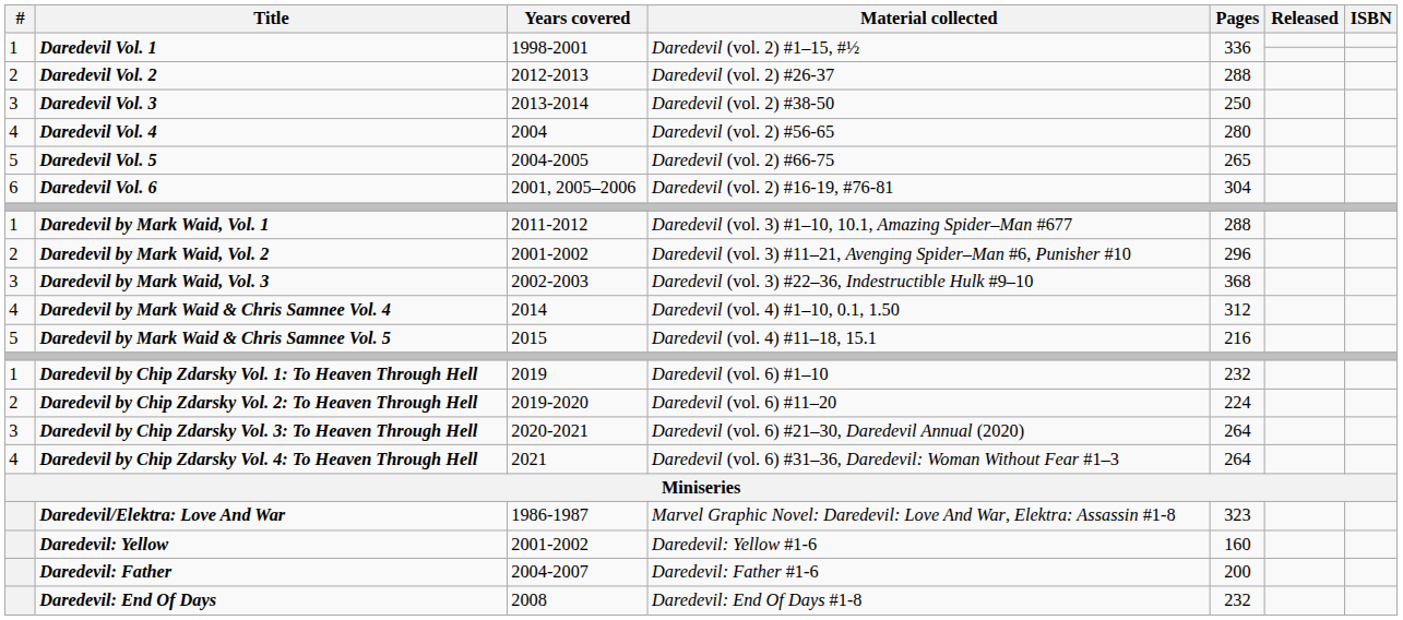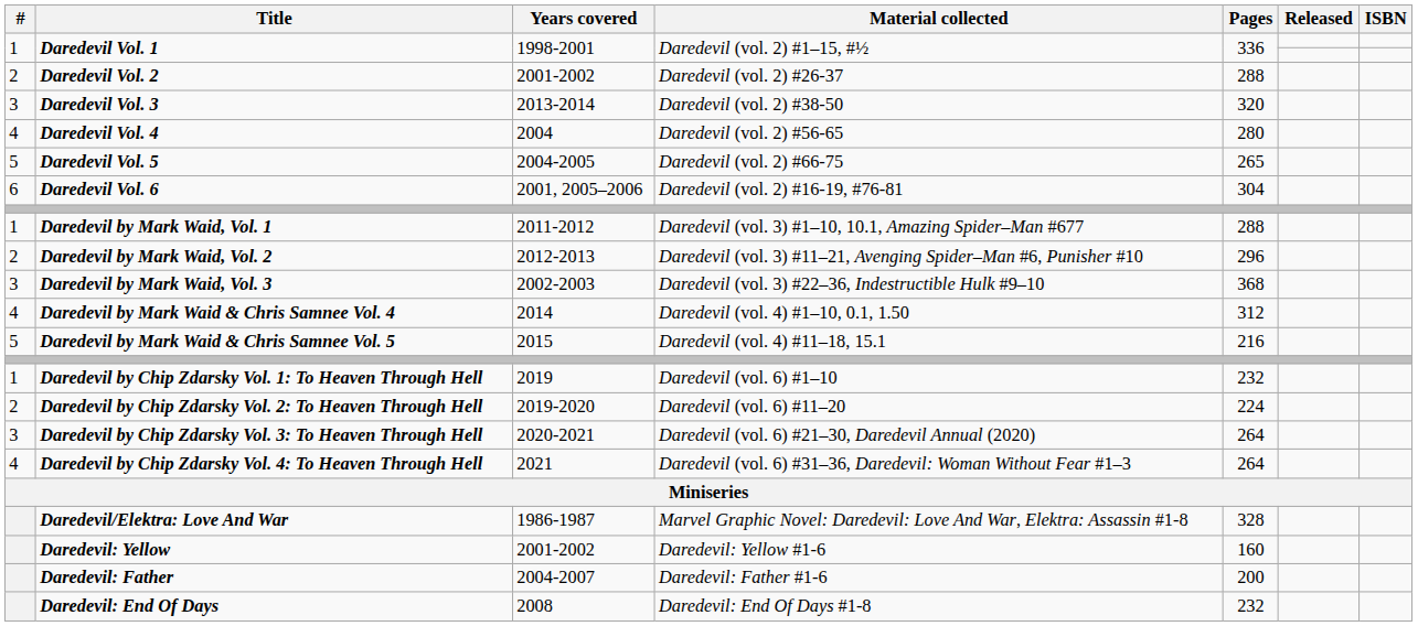 <table class="wikitable sortable" width=99%>
 <tr>
 <th class="unsortable" width=20px>#</th>
 <th>Title</th>
 <th>Years covered</th>
 <th class="unsortable">Material collected</th>
 <th>Pages</th>
 <th>Released</th>
 <th class="unsortable">ISBN</th>
 </tr>
 <tr>
 <td rowspan="2">1</td>
 <td rowspan="2"><strong><em>Daredevil Vol. 1</em></strong></td>
 <td rowspan="2">1998-2001</td>
 <td rowspan="2"><em>Daredevil</em> (vol. 2) #1–15, #½</td>
 <td style="text-align: center;" rowspan=2>336</td>
 <td></td>
 <td></td>
 </tr>
 <tr>
 <td></td>
 <td></td>
 </tr>
 <tr>
 <td>2</td>
 <td><strong><em>Daredevil Vol. 2</em></strong></td>
-<td>2012-2013</td>
+<td>2001-2002</td>
 <td><em>Daredevil</em> (vol. 2) #26-37</td>
 <td style="text-align: center;">288</td>
 <td></td>
 <td></td>
 </tr>
 <tr>
 <td>3</td>
 <td><strong><em>Daredevil Vol. 3</em></strong></td>
 <td>2013-2014</td>
 <td><em>Daredevil</em> (vol. 2) #38-50</td>
-<td style="text-align: center;">250</td>
+<td style="text-align: center;">320</td>
 <td></td>
 <td></td>
 </tr>
 <tr>
 <td>4</td>
 <td><strong><em>Daredevil Vol. 4</em></strong></td>
 <td>2004</td>
 <td><em>Daredevil</em> (vol. 2) #56-65</td>
 <td style="text-align: center;">280</td>
 <td></td>
 <td></td>
 </tr>
 <tr>
 <td>5</td>
 <td><strong><em>Daredevil Vol. 5</em></strong></td>
 <td>2004-2005</td>
 <td><em>Daredevil</em> (vol. 2) #66-75</td>
 <td style="text-align: center;">265</td>
 <td></td>
 <td></td>
 </tr>
 <tr>
 <td>6</td>
 <td><strong><em>Daredevil Vol. 6</em></strong></td>
 <td>2001, 2005–2006</td>
 <td><em>Daredevil</em> (vol. 2) #16-19, #76-81</td>
 <td style="text-align: center;">304</td>
 <td></td>
 <td></td>
 </tr>
 <tr>
 <th colspan=7 style="background-color: silver;"></th>
 </tr>
 <tr>
 <td>1</td>
 <td><strong><em>Daredevil by Mark Waid, Vol. 1</em></strong></td>
 <td>2011-2012</td>
 <td><em>Daredevil</em> (vol. 3) #1–10, 10.1, <em>Amazing Spider–Man</em> #677</td>
 <td style="text-align: center;">288</td>
 <td></td>
 <td></td>
 </tr>
 <tr>
 <td>2</td>
 <td><strong><em>Daredevil by Mark Waid, Vol. 2</em></strong></td>
-<td>2001-2002</td>
+<td>2012-2013</td>
 <td><em>Daredevil</em> (vol. 3) #11–21, <em>Avenging Spider–Man</em> #6, <em>Punisher</em> #10</td>
 <td style="text-align: center;">296</td>
 <td></td>
 <td></td>
 </tr>
 <tr>
 <td>3</td>
 <td><strong><em>Daredevil by Mark Waid, Vol. 3</em></strong></td>
 <td>2002-2003</td>
 <td><em>Daredevil</em> (vol. 3) #22–36, <em>Indestructible Hulk</em> #9–10</td>
 <td style="text-align: center;">368</td>
 <td></td>
 <td></td>
 </tr>
 <tr>
 <td>4</td>
 <td><strong><em>Daredevil by Mark Waid & Chris Samnee Vol. 4</em></strong></td>
 <td>2014</td>
 <td><em>Daredevil</em> (vol. 4) #1–10, 0.1, 1.50</td>
 <td style="text-align: center;">312</td>
 <td></td>
 <td {{nowrap></td>
 </tr>
 <tr>
 <td>5</td>
 <td><strong><em>Daredevil by Mark Waid & Chris Samnee Vol. 5</em></strong></td>
 <td>2015</td>
 <td><em>Daredevil</em> (vol. 4) #11–18, 15.1</td>
 <td style="text-align: center;">216</td>
 <td></td>
 <td {{nowrap></td>
 </tr>
 <tr>
 <th colspan=7 style="background-color: silver;"></th>
 </tr>
 <tr>
 <td>1</td>
 <td><strong><em>Daredevil by Chip Zdarsky Vol. 1: To Heaven Through Hell</em></strong></td>
 <td>2019</td>
 <td><em>Daredevil</em> (vol. 6) #1–10</td>
 <td style="text-align: center;">232</td>
 <td></td>
 <td></td>
 </tr>
 <tr>
 <td>2</td>
 <td><strong><em>Daredevil by Chip Zdarsky Vol. 2: To Heaven Through Hell</em></strong></td>
 <td>2019-2020</td>
 <td><em>Daredevil</em> (vol. 6) #11–20</td>
 <td style="text-align: center;">224</td>
 <td></td>
 <td></td>
 </tr>
 <tr>
 <td>3</td>
 <td><strong><em>Daredevil by Chip Zdarsky Vol. 3: To Heaven Through Hell</em></strong></td>
 <td>2020-2021</td>
 <td><em>Daredevil</em> (vol. 6) #21–30, <em>Daredevil Annual</em> (2020)</td>
 <td style="text-align: center;">264</td>
 <td></td>
 <td></td>
 </tr>
 <tr>
 <td>4</td>
 <td><strong><em>Daredevil by Chip Zdarsky Vol. 4: To Heaven Through Hell</em></strong></td>
 <td>2021</td>
 <td><em>Daredevil</em> (vol. 6) #31–36, <em>Daredevil: Woman Without Fear</em> #1–3</td>
 <td style="text-align: center;">264</td>
 <td></td>
 <td></td>
 </tr>
 <tr>
 <th colspan=7 style="background-color: light grey;"><strong>Miniseries</strong></th>
 </tr>
 <tr>
 <th style="background-color: light grey;"></th>
 <td><strong><em>Daredevil/Elektra: Love And War</em></strong></td>
 <td>1986-1987</td>
 <td><em>Marvel Graphic Novel: Daredevil: Love And War</em>, <em>Elektra: Assassin</em> #1-8</td>
-<td style="text-align: center;">323</td>
+<td style="text-align: center;">328</td>
 <td></td>
 <td></td>
 </tr>
 <tr>
 <th style="background-color: light grey;"></th>
 <td><strong><em>Daredevil: Yellow</em></strong></td>
 <td>2001-2002</td>
 <td><em>Daredevil: Yellow</em> #1-6</td>
 <td style="text-align: center;">160</td>
 <td></td>
 <td></td>
 </tr>
 <tr>
 <th style="background-color: light grey;"></th>
 <td><strong><em>Daredevil: Father</em></strong></td>
 <td>2004-2007</td>
 <td><em>Daredevil: Father</em> #1-6</td>
 <td style="text-align: center;">200</td>
 <td></td>
 <td></td>
 </tr>
 <tr>
 <th style="background-color: light grey;"></th>
 <td><strong><em>Daredevil: End Of Days</em></strong></td>
 <td>2008</td>
 <td><em>Daredevil: End Of Days</em> #1-8</td>
 <td style="text-align: center;">232</td>
 <td></td>
 <td></td>
 </tr>
 </table>
